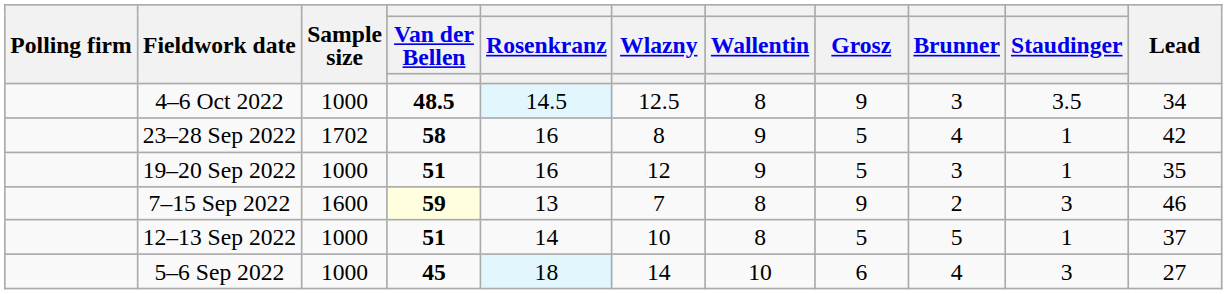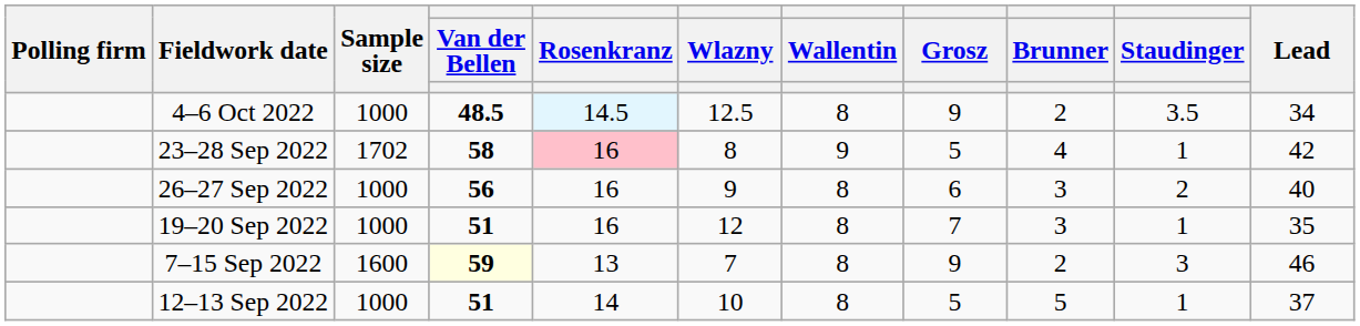 <table class="wikitable sortable tpl-blanktable" style="text-align:center;font-size:90%;line-height:14px;">
 <tr>
 <th rowspan="3">Polling firm</th>
 <th rowspan="3">Fieldwork date</th>
 <th rowspan="3">Sample<br>size</th>
 <th class="unsortable"></th>
 <th class="unsortable"></th>
 <th class="unsortable"></th>
 <th class="unsortable"></th>
 <th class="unsortable"></th>
 <th class="unsortable"></th>
 <th class="unsortable"></th>
 <th rowspan="3" class="unsortable" style="width:50px;">Lead</th>
 </tr>
 <tr>
 <th class="unsortable" style="width:50px;"><a href='#'>Van der Bellen</a><br></th>
 <th class="unsortable" style="width:50px;"><a href='#'>Rosenkranz</a><br></th>
 <th class="unsortable" style="width:50px;"><a href='#'>Wlazny</a><br></th>
 <th class="unsortable" style="width:50px;"><a href='#'>Wallentin</a><br></th>
 <th class="unsortable" style="width:50px;"><a href='#'>Grosz</a><br></th>
 <th class="unsortable" style="width:50px;"><a href='#'>Brunner</a><br></th>
 <th class="unsortable" style="width:50px;"><a href='#'>Staudinger</a><br></th>
 </tr>
 <tr>
 <th style="background:"></th>
 <th style="background:"></th>
 <th style="background:"></th>
 <th style="background:"></th>
 <th style="background:"></th>
 <th style="background:"></th>
 <th style="background:"></th>
 </tr>
 <tr>
 <td></td>
 <td>4–6 Oct 2022</td>
 <td>1000</td>
 <td><strong>48.5</strong></td>
 <td style="background:#e2f6fe;">14.5</td>
 <td>12.5</td>
 <td>8</td>
 <td>9</td>
-<td>3</td>
+<td>2</td>
 <td>3.5</td>
 <td style="background:">34</td>
 </tr>
 <tr>
 <td></td>
 <td>23–28 Sep 2022</td>
 <td>1702</td>
 <td><strong>58</strong></td>
-<td>16</td>
+<td style="background: pink;">16</td>
 <td>8</td>
 <td>9</td>
 <td>5</td>
 <td>4</td>
 <td>1</td>
 <td style="background:">42</td>
 </tr>
 <tr>
 <td></td>
+<td>26–27 Sep 2022</td>
+<td>1000</td>
+<td><strong>56</strong></td>
+<td>16</td>
+<td>9</td>
+<td>8</td>
+<td>6</td>
+<td>3</td>
+<td>2</td>
+<td style="background:">40</td>
+</tr>
+<tr>
+<td></td>
 <td>19–20 Sep 2022</td>
 <td>1000</td>
 <td><strong>51</strong></td>
 <td>16</td>
 <td>12</td>
-<td>9</td>
-<td>5</td>
+<td>8</td>
+<td>7</td>
 <td>3</td>
 <td>1</td>
 <td style="background:">35</td>
 </tr>
 <tr>
 <td></td>
 <td>7–15 Sep 2022</td>
 <td>1600</td>
 <td style="background: lightyellow;"><strong>59</strong></td>
 <td>13</td>
 <td>7</td>
 <td>8</td>
 <td>9</td>
 <td>2</td>
 <td>3</td>
 <td style="background:">46</td>
 </tr>
 <tr>
 <td></td>
 <td>12–13 Sep 2022</td>
 <td>1000</td>
 <td><strong>51</strong></td>
 <td>14</td>
 <td>10</td>
 <td>8</td>
 <td>5</td>
 <td>5</td>
 <td>1</td>
 <td style="background:">37</td>
 </tr>
-<tr>
-<td></td>
-<td>5–6 Sep 2022</td>
-<td>1000</td>
-<td><strong>45</strong></td>
-<td style="background:#e2f6fe;">18</td>
-<td>14</td>
-<td>10</td>
-<td>6</td>
-<td>4</td>
-<td>3</td>
-<td style="background:">27</td>
-</tr>
 </table>
